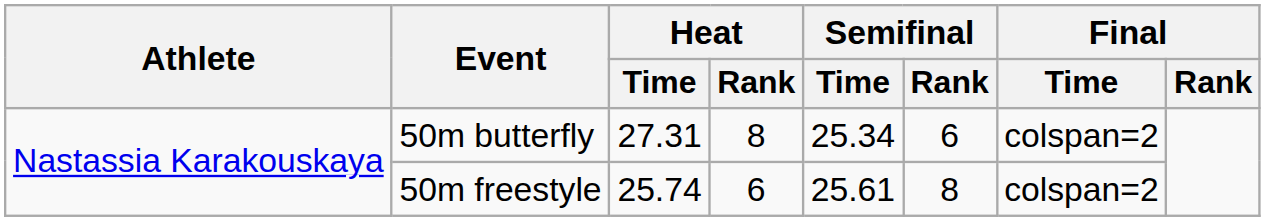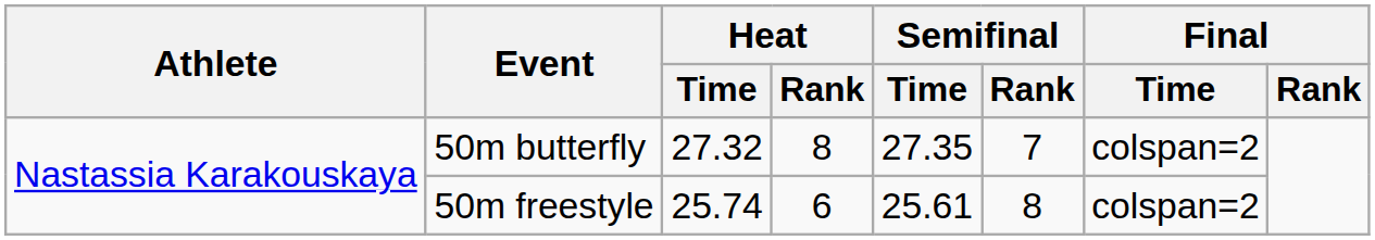 <table class=wikitable style="font-size:90%">
 <tr>
 <th rowspan="2">Athlete</th>
 <th rowspan="2">Event</th>
 <th colspan="2">Heat</th>
 <th colspan="2">Semifinal</th>
 <th colspan="2">Final</th>
 </tr>
 <tr style="font-size:95%">
 <th>Time</th>
 <th>Rank</th>
 <th>Time</th>
 <th>Rank</th>
 <th>Time</th>
 <th>Rank</th>
 </tr>
 <tr align=center>
 <td align=left rowspan=2><a href='#'>Nastassia Karakouskaya</a></td>
 <td align=left>50m butterfly</td>
-<td>27.31</td>
+<td>27.32</td>
 <td>8</td>
-<td>25.34</td>
-<td>6</td>
+<td>27.35</td>
+<td>7</td>
 <td>colspan=2</td>
 </tr>
 <tr align=center>
 <td align=left>50m freestyle</td>
 <td>25.74</td>
 <td>6</td>
 <td>25.61</td>
 <td>8</td>
 <td>colspan=2</td>
 </tr>
 </table>
